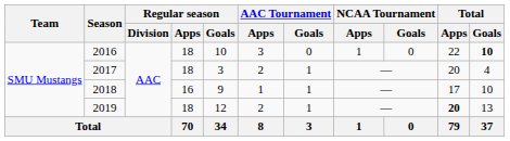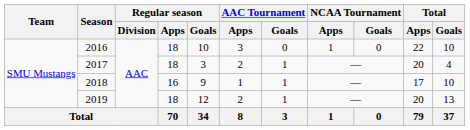 <table class="wikitable" style="text-align: center;">
 <tr>
 <th rowspan="2">Team</th>
 <th rowspan="2">Season</th>
 <th colspan="3">Regular season</th>
 <th colspan="2"><a href='#'>AAC Tournament</a></th>
 <th colspan="2">NCAA Tournament</th>
 <th colspan="2">Total</th>
 </tr>
 <tr>
 <th>Division</th>
 <th>Apps</th>
 <th>Goals</th>
 <th>Apps</th>
 <th>Goals</th>
 <th>Apps</th>
 <th>Goals</th>
 <th>Apps</th>
 <th>Goals</th>
 </tr>
 <tr>
 <td rowspan="4"><a href='#'>SMU Mustangs</a></td>
 <td>2016</td>
 <td rowspan="4"><a href='#'>AAC</a></td>
 <td>18</td>
 <td>10</td>
 <td>3</td>
 <td>0</td>
 <td>1</td>
 <td>0</td>
 <td>22</td>
-<td><strong>10</strong></td>
+<td>10</td>
 </tr>
 <tr>
 <td>2017</td>
 <td>18</td>
 <td>3</td>
 <td>2</td>
 <td>1</td>
 <td colspan="2">—</td>
 <td>20</td>
 <td>4</td>
 </tr>
 <tr>
 <td>2018</td>
 <td>16</td>
 <td>9</td>
 <td>1</td>
 <td>1</td>
 <td colspan="2">—</td>
 <td>17</td>
 <td>10</td>
 </tr>
 <tr>
 <td>2019</td>
 <td>18</td>
 <td>12</td>
 <td>2</td>
 <td>1</td>
 <td colspan="2">—</td>
-<td><strong>20</strong></td>
+<td>20</td>
 <td>13</td>
 </tr>
 <tr>
 <th colspan="3">Total</th>
 <th>70</th>
 <th>34</th>
 <th>8</th>
 <th>3</th>
 <th>1</th>
 <th>0</th>
 <th>79</th>
 <th>37</th>
 </tr>
 </table>
